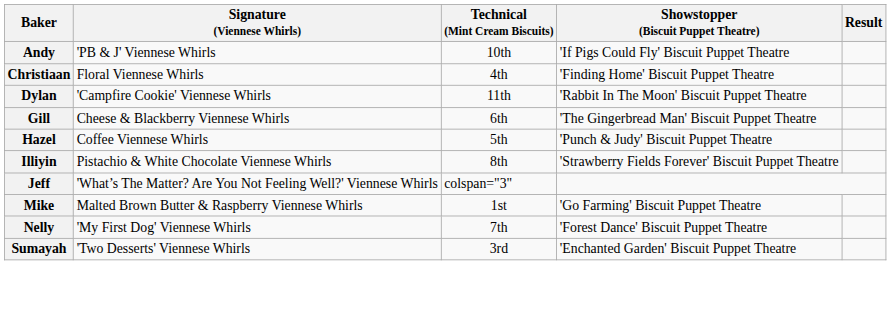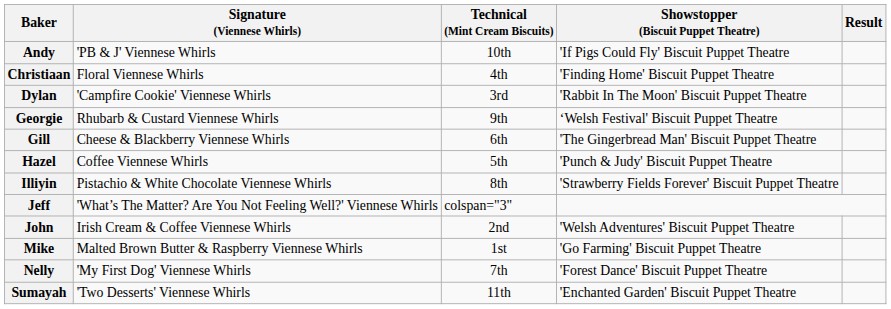 <table class="wikitable sortable">
 <tr>
 <th scope="col">Baker</th>
 <th scope="col" class="unsortable">Signature<br><small>(Viennese Whirls)</small></th>
 <th scope="col">Technical<br><small>(Mint Cream Biscuits)</small></th>
 <th scope="col" class="unsortable">Showstopper<br><small>(Biscuit Puppet Theatre)</small></th>
 <th scope="col">Result</th>
 </tr>
 <tr>
 <th scope="row">Andy</th>
 <td>'PB & J' Viennese Whirls</td>
 <td align="center">10th</td>
 <td>'If Pigs Could Fly' Biscuit Puppet Theatre</td>
 <td></td>
 </tr>
 <tr>
 <th scope="row">Christiaan</th>
 <td>Floral Viennese Whirls</td>
 <td align="center">4th</td>
 <td>'Finding Home' Biscuit Puppet Theatre</td>
 <td></td>
 </tr>
 <tr>
 <th scope="row">Dylan</th>
 <td>'Campfire Cookie' Viennese Whirls</td>
-<td align="center">11th</td>
+<td align="center">3rd</td>
 <td>'Rabbit In The Moon' Biscuit Puppet Theatre</td>
+<td></td>
+</tr>
+<tr>
+<th scope="row">Georgie</th>
+<td>Rhubarb & Custard Viennese Whirls</td>
+<td align="center">9th</td>
+<td>‘Welsh Festival' Biscuit Puppet Theatre</td>
 <td></td>
 </tr>
 <tr>
 <th scope="row">Gill</th>
 <td>Cheese & Blackberry Viennese Whirls</td>
 <td align="center">6th</td>
 <td>'The Gingerbread Man' Biscuit Puppet Theatre</td>
 <td></td>
 </tr>
 <tr>
 <th scope="row">Hazel</th>
 <td>Coffee Viennese Whirls</td>
 <td align="center">5th</td>
 <td>'Punch & Judy' Biscuit Puppet Theatre</td>
 <td></td>
 </tr>
 <tr>
 <th scope="row">Illiyin</th>
 <td>Pistachio & White Chocolate Viennese Whirls</td>
 <td align="center">8th</td>
 <td>'Strawberry Fields Forever' Biscuit Puppet Theatre</td>
 <td></td>
 </tr>
 <tr>
 <th scope="row">Jeff</th>
 <td>'What’s The Matter? Are You Not Feeling Well?' Viennese Whirls</td>
 <td>colspan="3" </td>
 </tr>
 <tr>
+<th scope="row">John</th>
+<td>Irish Cream & Coffee Viennese Whirls</td>
+<td align="center">2nd</td>
+<td>'Welsh Adventures' Biscuit Puppet Theatre</td>
+<td></td>
+</tr>
+<tr>
 <th scope="row">Mike</th>
 <td>Malted Brown Butter & Raspberry Viennese Whirls</td>
 <td align="center">1st</td>
 <td>'Go Farming' Biscuit Puppet Theatre</td>
 <td></td>
 </tr>
 <tr>
 <th scope="row">Nelly</th>
 <td>'My First Dog' Viennese Whirls</td>
 <td align="center">7th</td>
 <td>'Forest Dance' Biscuit Puppet Theatre</td>
 <td></td>
 </tr>
 <tr>
 <th scope="row">Sumayah</th>
 <td>'Two Desserts' Viennese Whirls</td>
-<td align="center">3rd</td>
+<td align="center">11th</td>
 <td>'Enchanted Garden' Biscuit Puppet Theatre</td>
 <td></td>
 </tr>
 </table>
